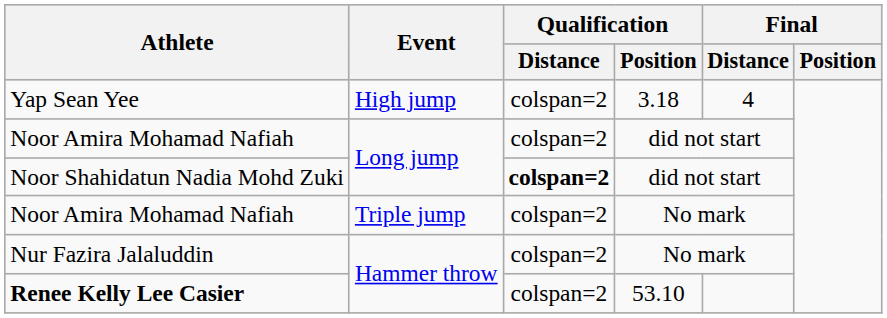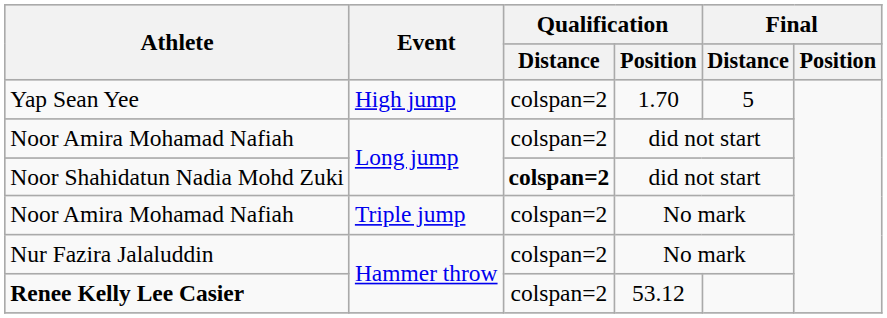 <table class=wikitable style="font-size:90%">
 <tr>
 <th rowspan="2">Athlete</th>
 <th rowspan="2">Event</th>
 <th colspan="2">Qualification</th>
 <th colspan="2">Final</th>
 </tr>
 <tr style="font-size:95%">
 <th>Distance</th>
 <th>Position</th>
 <th>Distance</th>
 <th>Position</th>
 </tr>
 <tr align=center>
 <td align=left>Yap Sean Yee</td>
 <td align=left><a href='#'>High jump</a></td>
 <td>colspan=2 </td>
-<td>3.18</td>
-<td>4</td>
+<td>1.70</td>
+<td>5</td>
 </tr>
 <tr align=center>
 <td align=left>Noor Amira Mohamad Nafiah</td>
 <td align=left rowspan=2><a href='#'>Long jump</a></td>
 <td>colspan=2 </td>
 <td colspan=2>did not start</td>
 </tr>
 <tr align=center>
 <td align=left>Noor Shahidatun Nadia Mohd Zuki</td>
 <td><strong>colspan=2 </strong></td>
 <td colspan=2>did not start</td>
 </tr>
 <tr align=center>
 <td align=left>Noor Amira Mohamad Nafiah</td>
 <td align=left><a href='#'>Triple jump</a></td>
 <td>colspan=2 </td>
 <td colspan=2>No mark</td>
 </tr>
 <tr align=center>
 <td align=left>Nur Fazira Jalaluddin</td>
 <td align=left rowspan=2><a href='#'>Hammer throw</a></td>
 <td>colspan=2 </td>
 <td colspan=2>No mark</td>
 </tr>
 <tr align=center>
 <td align=left><strong>Renee Kelly Lee Casier</strong></td>
 <td>colspan=2 </td>
-<td>53.10</td>
+<td>53.12</td>
 <td></td>
 </tr>
 </table>
